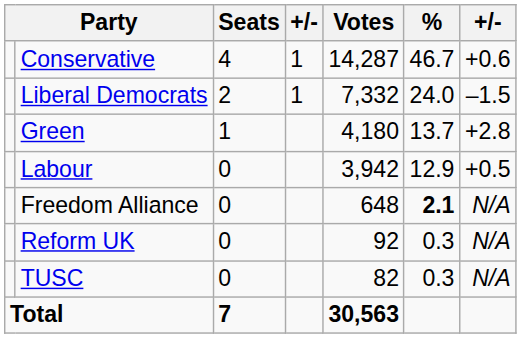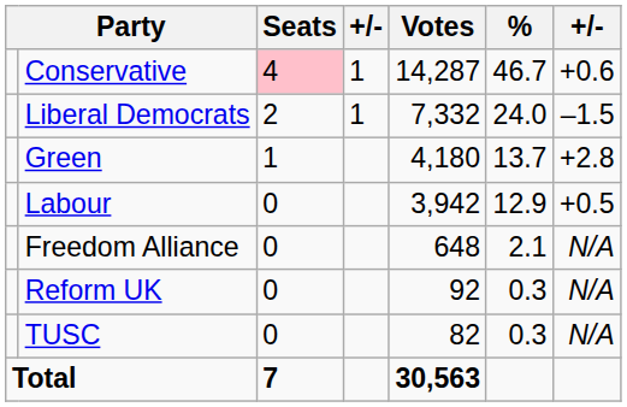 <table class="wikitable sortable">
 <tr>
 <th colspan="2">Party</th>
 <th>Seats</th>
 <th>+/-</th>
 <th>Votes</th>
 <th>%</th>
 <th>+/-</th>
 </tr>
 <tr>
 <td style="background-color: "></td>
 <td><a href='#'>Conservative</a></td>
-<td>4</td>
+<td style="background: pink;">4</td>
 <td> 1</td>
 <td style="text-align:right;">14,287</td>
 <td style="text-align:right;">46.7</td>
 <td style="text-align:right;">+0.6</td>
 </tr>
 <tr>
 <td style="background-color: "></td>
 <td><a href='#'>Liberal Democrats</a></td>
 <td>2</td>
 <td> 1</td>
 <td style="text-align:right;">7,332</td>
 <td style="text-align:right;">24.0</td>
 <td style="text-align:right;">–1.5</td>
 </tr>
 <tr>
 <td style="background-color: "></td>
 <td><a href='#'>Green</a></td>
 <td>1</td>
 <td></td>
 <td style="text-align:right;">4,180</td>
 <td style="text-align:right;">13.7</td>
 <td style="text-align:right;">+2.8</td>
 </tr>
 <tr>
 <td style="background-color: "></td>
 <td><a href='#'>Labour</a></td>
 <td>0</td>
 <td></td>
 <td style="text-align:right;">3,942</td>
 <td style="text-align:right;">12.9</td>
 <td style="text-align:right;">+0.5</td>
 </tr>
 <tr>
 <td style="background-color: "></td>
 <td>Freedom Alliance</td>
 <td>0</td>
 <td></td>
 <td style="text-align:right;">648</td>
-<td style="text-align:right;"><strong>2.1</strong></td>
+<td style="text-align:right;">2.1</td>
 <td style="text-align:right;"><em>N/A</em></td>
 </tr>
 <tr>
 <td style="background-color: "></td>
 <td><a href='#'>Reform UK</a></td>
 <td>0</td>
 <td></td>
 <td style="text-align:right;">92</td>
 <td style="text-align:right;">0.3</td>
 <td style="text-align:right;"><em>N/A</em></td>
 </tr>
 <tr>
 <td style="background-color: "></td>
 <td><a href='#'>TUSC</a></td>
 <td>0</td>
 <td></td>
 <td style="text-align:right;">82</td>
 <td style="text-align:right;">0.3</td>
 <td style="text-align:right;"><em>N/A</em></td>
 </tr>
 <tr>
 <td colspan="2"><strong>Total</strong></td>
 <td><strong>7</strong></td>
 <td></td>
 <td style="text-align:right;"><strong>30,563</strong></td>
 <td style="text-align:right;"></td>
 <td style="text-align:right;"></td>
 </tr>
 </table>
